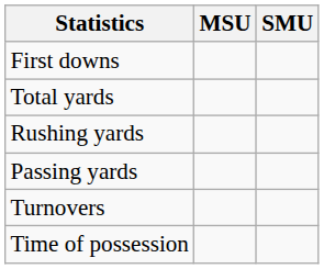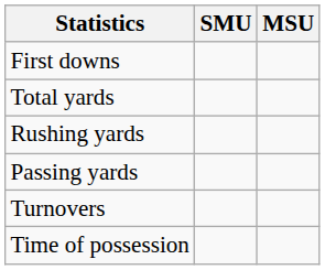 <table class="wikitable" style="float:left">
 <tr>
 <th>Statistics</th>
+<th>SMU</th>
 <th>MSU</th>
-<th>SMU</th>
 </tr>
 <tr>
 <td>First downs</td>
 <td></td>
 <td></td>
 </tr>
 <tr>
 <td>Total yards</td>
 <td></td>
 <td></td>
 </tr>
 <tr>
 <td>Rushing yards</td>
 <td></td>
 <td></td>
 </tr>
 <tr>
 <td>Passing yards</td>
 <td></td>
 <td></td>
 </tr>
 <tr>
 <td>Turnovers</td>
 <td></td>
 <td></td>
 </tr>
 <tr>
 <td>Time of possession</td>
 <td></td>
 <td></td>
 </tr>
 </table>
